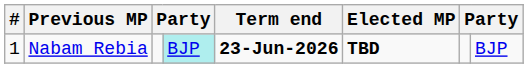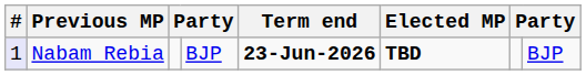 <table class="wikitable">
 <tr>
 <th>#</th>
 <th>Previous MP</th>
 <th colspan="2">Party</th>
 <th>Term end</th>
 <th>Elected MP</th>
 <th colspan="2">Party</th>
 </tr>
 <tr>
-<td>1</td>
+<td style="background: lavender;">1</td>
 <td><a href='#'>Nabam Rebia</a></td>
 <td></td>
-<td style="background: paleturquoise;"><a href='#'>BJP</a></td>
+<td><a href='#'>BJP</a></td>
 <td><strong>23-Jun-2026</strong></td>
 <td><strong>TBD</strong></td>
 <td></td>
 <td><a href='#'>BJP</a></td>
 </tr>
 </table>
